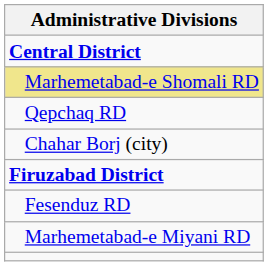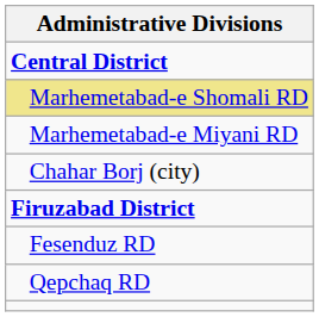 <table class="wikitable">
 <tr>
 <th>Administrative Divisions</th>
 </tr>
 <tr>
 <td><strong><a href='#'>Central District</a></strong></td>
 </tr>
 <tr>
 <td style="background: khaki; padding-left: 1em;"><a href='#'>Marhemetabad-e Shomali RD</a></td>
 </tr>
 <tr>
-<td style="padding-left: 1em;"><a href='#'>Qepchaq RD</a></td>
+<td style="padding-left: 1em;"><a href='#'>Marhemetabad-e Miyani RD</a></td>
 </tr>
 <tr>
 <td style="padding-left: 1em;"><a href='#'>Chahar Borj</a> (city)</td>
 </tr>
 <tr>
 <td><strong><a href='#'>Firuzabad District</a></strong></td>
 </tr>
 <tr>
 <td style="padding-left: 1em;"><a href='#'>Fesenduz RD</a></td>
 </tr>
 <tr>
-<td style="padding-left: 1em;"><a href='#'>Marhemetabad-e Miyani RD</a></td>
+<td style="padding-left: 1em;"><a href='#'>Qepchaq RD</a></td>
 </tr>
 <tr>
 <td colspan=1></td>
 </tr>
 </table>
